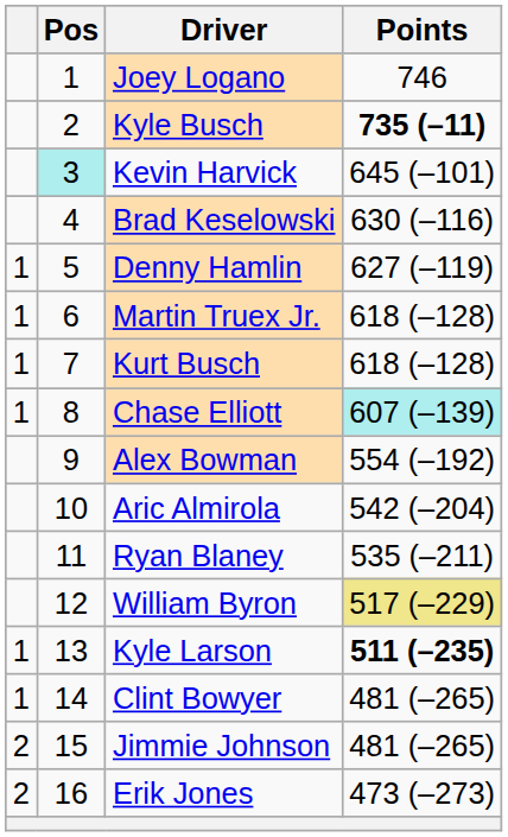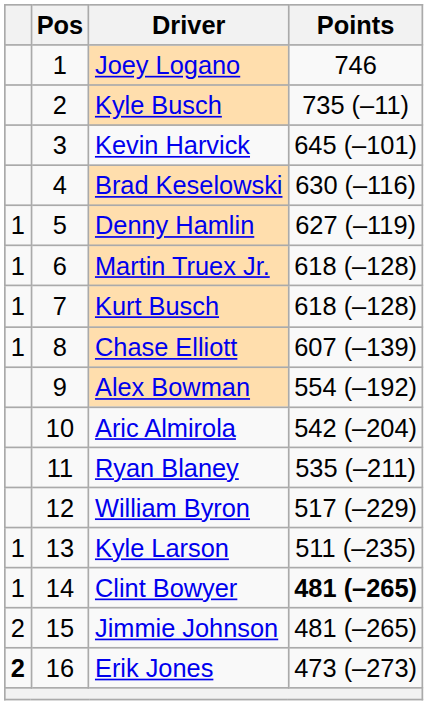 <table class="wikitable" style="font-size: 95%">
 <tr>
 <th></th>
 <th>Pos</th>
 <th>Driver</th>
 <th>Points</th>
 </tr>
 <tr>
 <td align="left"></td>
 <td style="text-align:center;">1</td>
 <td style="background:#FFDEAD;"><a href='#'>Joey Logano</a></td>
 <td style="text-align:center;">746</td>
 </tr>
 <tr>
 <td align="left"></td>
 <td style="text-align:center;">2</td>
 <td style="background:#FFDEAD;"><a href='#'>Kyle Busch</a></td>
-<td style="text-align:center;"><strong>735 (–11)</strong></td>
+<td style="text-align:center;">735 (–11)</td>
 </tr>
 <tr>
 <td align="left"></td>
-<td style="background: paleturquoise; text-align:center;">3</td>
+<td style="text-align:center;">3</td>
 <td><a href='#'>Kevin Harvick</a></td>
 <td style="text-align:center;">645 (–101)</td>
 </tr>
 <tr>
 <td align="left"></td>
 <td style="text-align:center;">4</td>
 <td style="background:#FFDEAD;"><a href='#'>Brad Keselowski</a></td>
 <td style="text-align:center;">630 (–116)</td>
 </tr>
 <tr>
 <td align="left"> 1</td>
 <td style="text-align:center;">5</td>
 <td style="background:#FFDEAD;"><a href='#'>Denny Hamlin</a></td>
 <td style="text-align:center;">627 (–119)</td>
 </tr>
 <tr>
 <td align="left"> 1</td>
 <td style="text-align:center;">6</td>
 <td style="background:#FFDEAD;"><a href='#'>Martin Truex Jr.</a></td>
 <td style="text-align:center;">618 (–128)</td>
 </tr>
 <tr>
 <td align="left"> 1</td>
 <td style="text-align:center;">7</td>
 <td style="background:#FFDEAD;"><a href='#'>Kurt Busch</a></td>
 <td style="text-align:center;">618 (–128)</td>
 </tr>
 <tr>
 <td align="left"> 1</td>
 <td style="text-align:center;">8</td>
 <td style="background:#FFDEAD;"><a href='#'>Chase Elliott</a></td>
-<td style="background: paleturquoise; text-align:center;">607 (–139)</td>
+<td style="text-align:center;">607 (–139)</td>
 </tr>
 <tr>
 <td align="left"></td>
 <td style="text-align:center;">9</td>
 <td style="background:#FFDEAD;"><a href='#'>Alex Bowman</a></td>
 <td style="text-align:center;">554 (–192)</td>
 </tr>
 <tr>
 <td align="left"></td>
 <td style="text-align:center;">10</td>
 <td><a href='#'>Aric Almirola</a></td>
 <td style="text-align:center;">542 (–204)</td>
 </tr>
 <tr>
 <td align="left"></td>
 <td style="text-align:center;">11</td>
 <td><a href='#'>Ryan Blaney</a></td>
 <td style="text-align:center;">535 (–211)</td>
 </tr>
 <tr>
 <td align="left"></td>
 <td style="text-align:center;">12</td>
 <td><a href='#'>William Byron</a></td>
-<td style="background: khaki; text-align:center;">517 (–229)</td>
+<td style="text-align:center;">517 (–229)</td>
 </tr>
 <tr>
 <td align="left"> 1</td>
 <td style="text-align:center;">13</td>
 <td><a href='#'>Kyle Larson</a></td>
-<td style="text-align:center;"><strong>511 (–235)</strong></td>
+<td style="text-align:center;">511 (–235)</td>
 </tr>
 <tr>
 <td align="left"> 1</td>
 <td style="text-align:center;">14</td>
 <td><a href='#'>Clint Bowyer</a></td>
-<td style="text-align:center;">481 (–265)</td>
+<td style="text-align:center;"><strong>481 (–265)</strong></td>
 </tr>
 <tr>
 <td align="left"> 2</td>
 <td style="text-align:center;">15</td>
 <td><a href='#'>Jimmie Johnson</a></td>
 <td style="text-align:center;">481 (–265)</td>
 </tr>
 <tr>
-<td align="left"> 2</td>
+<td align="left"><strong> 2</strong></td>
 <td style="text-align:center;">16</td>
 <td><a href='#'>Erik Jones</a></td>
 <td style="text-align:center;">473 (–273)</td>
 </tr>
 <tr class="sortbottom">
 <th colspan="9"></th>
 </tr>
 </table>
